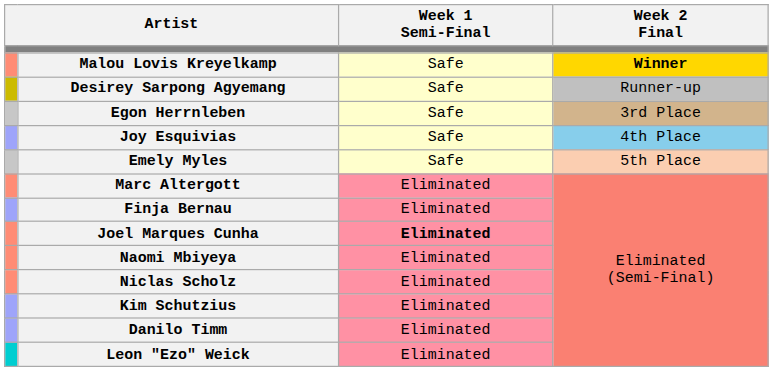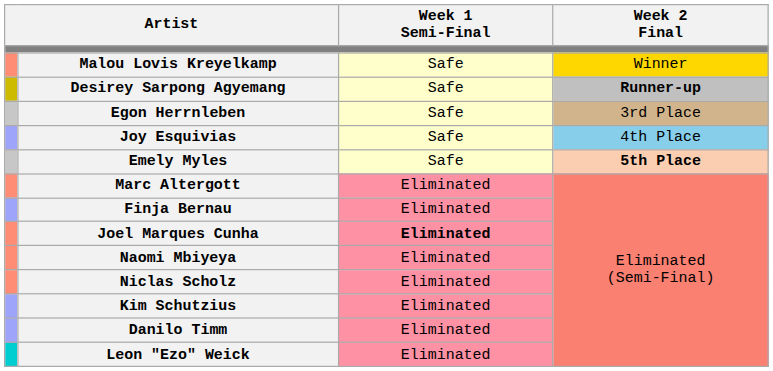 <table class="wikitable" style="text-align:center; font-size:95%; width:50%">
 <tr>
 <th colspan="2" style="width:18%">Artist</th>
 <th style="width:11%" scope="col">Week 1<br>Semi-Final</th>
 <th style="width:11%" scope="col">Week 2<br>Final</th>
 </tr>
 <tr>
 <th colspan="5" style="background:grey"></th>
 </tr>
 <tr>
 <th style="background:#ff8c75"></th>
 <th>Malou Lovis Kreyelkamp</th>
 <td style="background:#FFFFCC">Safe</td>
-<td style="background:gold"><strong>Winner</strong></td>
+<td style="background:gold">Winner</td>
 </tr>
 <tr>
 <th style="background:#CCBB00"></th>
 <th>Desirey Sarpong Agyemang</th>
 <td style="background:#FFFFCC">Safe</td>
-<td style="background:silver">Runner-up</td>
+<td style="background:silver"><strong>Runner-up</strong></td>
 </tr>
 <tr>
 <th style="background:#c7c7c7"></th>
 <th>Egon Herrnleben</th>
 <td style="background:#FFFFCC">Safe</td>
 <td style="background:tan">3rd Place</td>
 </tr>
 <tr>
 <th style="background:#9ea4fa"></th>
 <th>Joy Esquivias</th>
 <td style="background:#FFFFCC">Safe</td>
 <td style="background:skyblue">4th Place</td>
 </tr>
 <tr>
 <th style="background:#c7c7c7"></th>
 <th>Emely Myles</th>
 <td style="background:#FFFFCC">Safe</td>
-<td style="background:#FBCEB1">5th Place</td>
+<td style="background:#FBCEB1"><strong>5th Place</strong></td>
 </tr>
 <tr>
 <th style="background:#ff8c75"></th>
 <th>Marc Altergott</th>
 <td style="background:#FF91A4">Eliminated</td>
 <td rowspan=8 style="background:salmon">Eliminated<br>(Semi-Final)</td>
 </tr>
 <tr>
 <th style="background:#9ea4fa"></th>
 <th>Finja Bernau</th>
 <td style="background:#FF91A4">Eliminated</td>
 </tr>
 <tr>
 <th style="background:#ff8c75"></th>
 <th>Joel Marques Cunha</th>
 <td style="background:#FF91A4"><strong>Eliminated</strong></td>
 </tr>
 <tr>
 <th style="background:#ff8c75"></th>
 <th>Naomi Mbiyeya</th>
 <td style="background:#FF91A4">Eliminated</td>
 </tr>
 <tr>
 <th style="background:#ff8c75"></th>
 <th>Niclas Scholz</th>
 <td style="background:#FF91A4">Eliminated</td>
 </tr>
 <tr>
 <th style="background:#9ea4fa"></th>
 <th>Kim Schutzius</th>
 <td style="background:#FF91A4">Eliminated</td>
 </tr>
 <tr>
 <th style="background:#9ea4fa"></th>
 <th>Danilo Timm</th>
 <td style="background:#FF91A4">Eliminated</td>
 </tr>
 <tr>
 <th style="background:#00ced1"></th>
 <th>Leon "Ezo" Weick</th>
 <td style="background:#FF91A4">Eliminated</td>
 </tr>
 </table>
